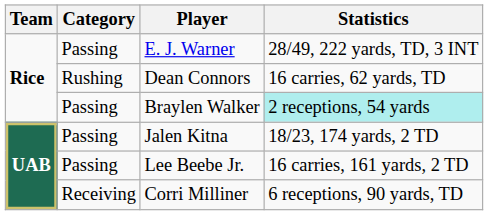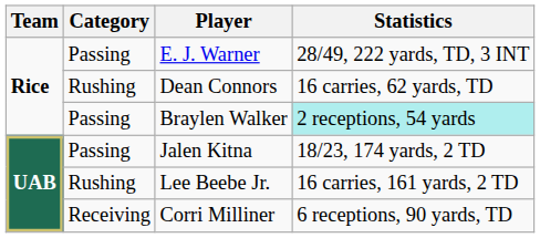 <table class="wikitable" style="float: right;">
 <tr>
 <th>Team</th>
 <th>Category</th>
 <th>Player</th>
 <th>Statistics</th>
 </tr>
 <tr>
 <td rowspan=3><strong>Rice</strong></td>
 <td>Passing</td>
 <td><a href='#'>E. J. Warner</a></td>
 <td>28/49, 222 yards, TD, 3 INT</td>
 </tr>
 <tr>
 <td>Rushing</td>
 <td>Dean Connors</td>
 <td>16 carries, 62 yards, TD</td>
 </tr>
 <tr>
 <td>Passing</td>
 <td>Braylen Walker</td>
 <td style="background: paleturquoise;">2 receptions, 54 yards</td>
 </tr>
 <tr>
 <td rowspan=3 style="background-color:#1E6B52;color:#FFFFFF;box-shadow: inset 2px 2px 0 #CDC26C, inset -2px -2px 0 #CDC26C; text-align:center;"><strong>UAB</strong></td>
 <td>Passing</td>
 <td>Jalen Kitna</td>
 <td>18/23, 174 yards, 2 TD</td>
 </tr>
 <tr>
-<td>Passing</td>
+<td>Rushing</td>
 <td>Lee Beebe Jr.</td>
 <td>16 carries, 161 yards, 2 TD</td>
 </tr>
 <tr>
 <td>Receiving</td>
 <td>Corri Milliner</td>
 <td>6 receptions, 90 yards, TD</td>
 </tr>
 </table>
